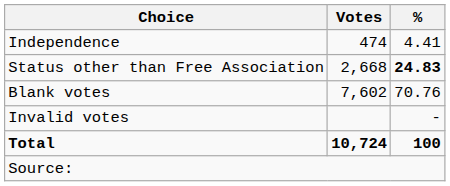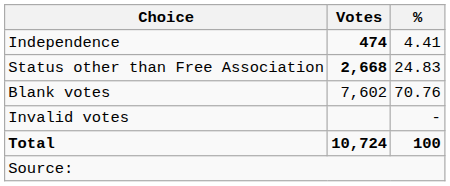 <table class=wikitable style=text-align:right>
 <tr>
 <th>Choice</th>
 <th>Votes</th>
 <th>%</th>
 </tr>
 <tr>
 <td align=left>Independence</td>
-<td>474</td>
+<td><strong>474</strong></td>
 <td>4.41</td>
 </tr>
 <tr>
 <td align=left>Status other than Free Association</td>
-<td>2,668</td>
-<td><strong>24.83</strong></td>
+<td><strong>2,668</strong></td>
+<td>24.83</td>
 </tr>
 <tr>
 <td align=left>Blank votes</td>
 <td>7,602</td>
 <td>70.76</td>
 </tr>
 <tr>
 <td align=left>Invalid votes</td>
 <td></td>
 <td>-</td>
 </tr>
 <tr>
 <td align=left><strong>Total</strong></td>
 <td><strong>10,724</strong></td>
 <td><strong>100</strong></td>
 </tr>
 <tr>
 <td colspan=3 align=left>Source: </td>
 </tr>
 </table>
